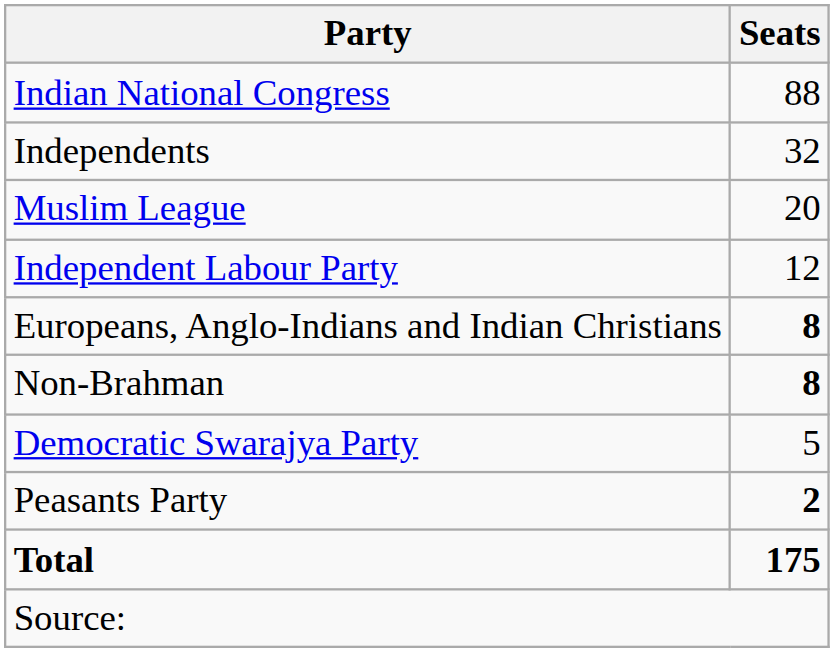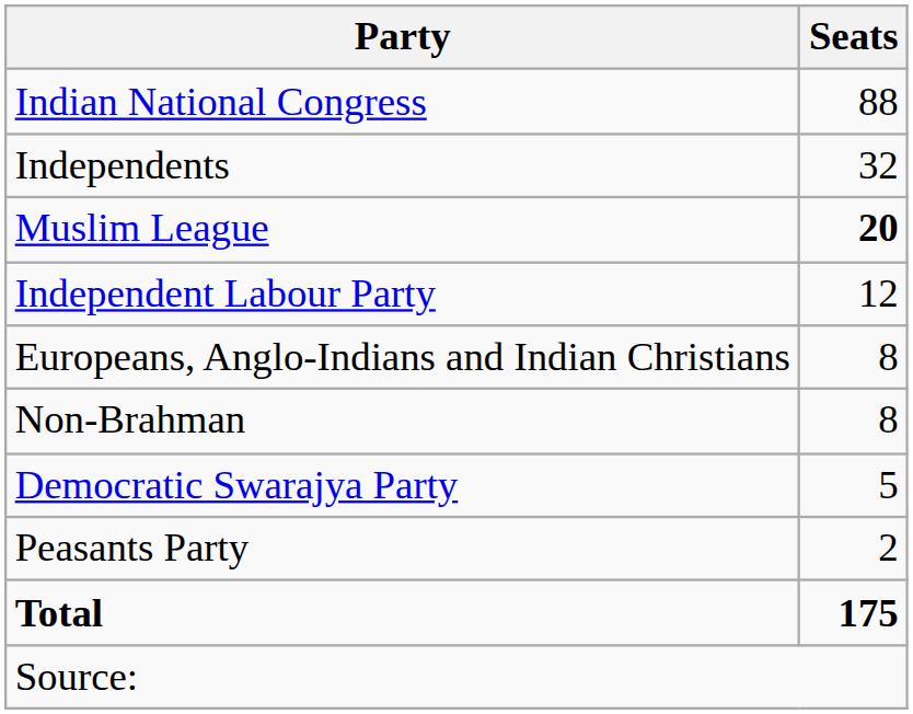 <table class=wikitable style=text-align:right>
 <tr>
 <th>Party</th>
 <th>Seats</th>
 </tr>
 <tr>
 <td align=left><a href='#'>Indian National Congress</a></td>
 <td>88</td>
 </tr>
 <tr>
 <td align=left>Independents</td>
 <td>32</td>
 </tr>
 <tr>
 <td align=left><a href='#'>Muslim League</a></td>
-<td>20</td>
+<td><strong>20</strong></td>
 </tr>
 <tr>
 <td align=left><a href='#'>Independent Labour Party</a></td>
 <td>12</td>
 </tr>
 <tr>
 <td align=left>Europeans, Anglo-Indians and Indian Christians</td>
-<td><strong>8</strong></td>
+<td>8</td>
 </tr>
 <tr>
 <td align=left>Non-Brahman</td>
-<td><strong>8</strong></td>
+<td>8</td>
 </tr>
 <tr>
 <td align=left><a href='#'>Democratic Swarajya Party</a></td>
 <td>5</td>
 </tr>
 <tr>
 <td align=left>Peasants Party</td>
-<td><strong>2</strong></td>
+<td>2</td>
 </tr>
 <tr>
 <td align=left><strong>Total</strong></td>
 <td><strong>175</strong></td>
 </tr>
 <tr>
 <td align=left colspan=4>Source: </td>
 </tr>
 </table>
